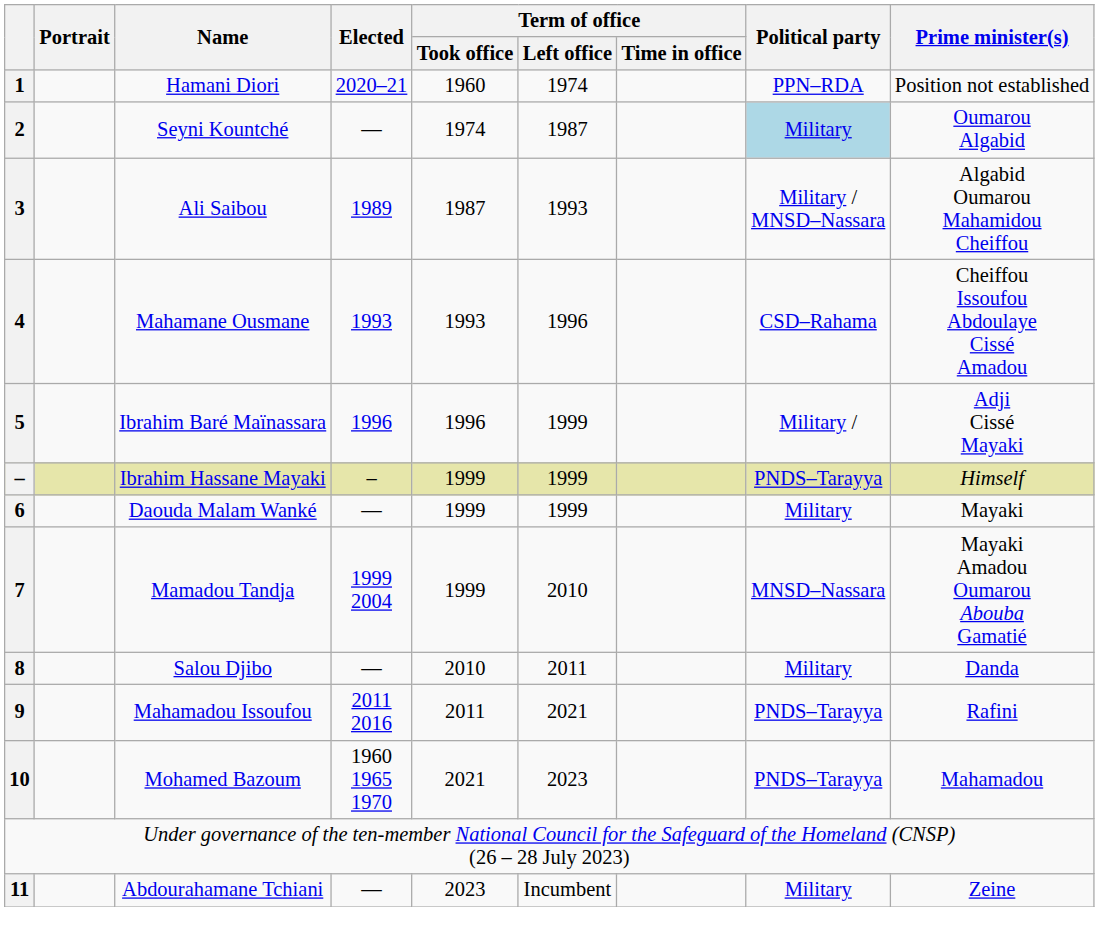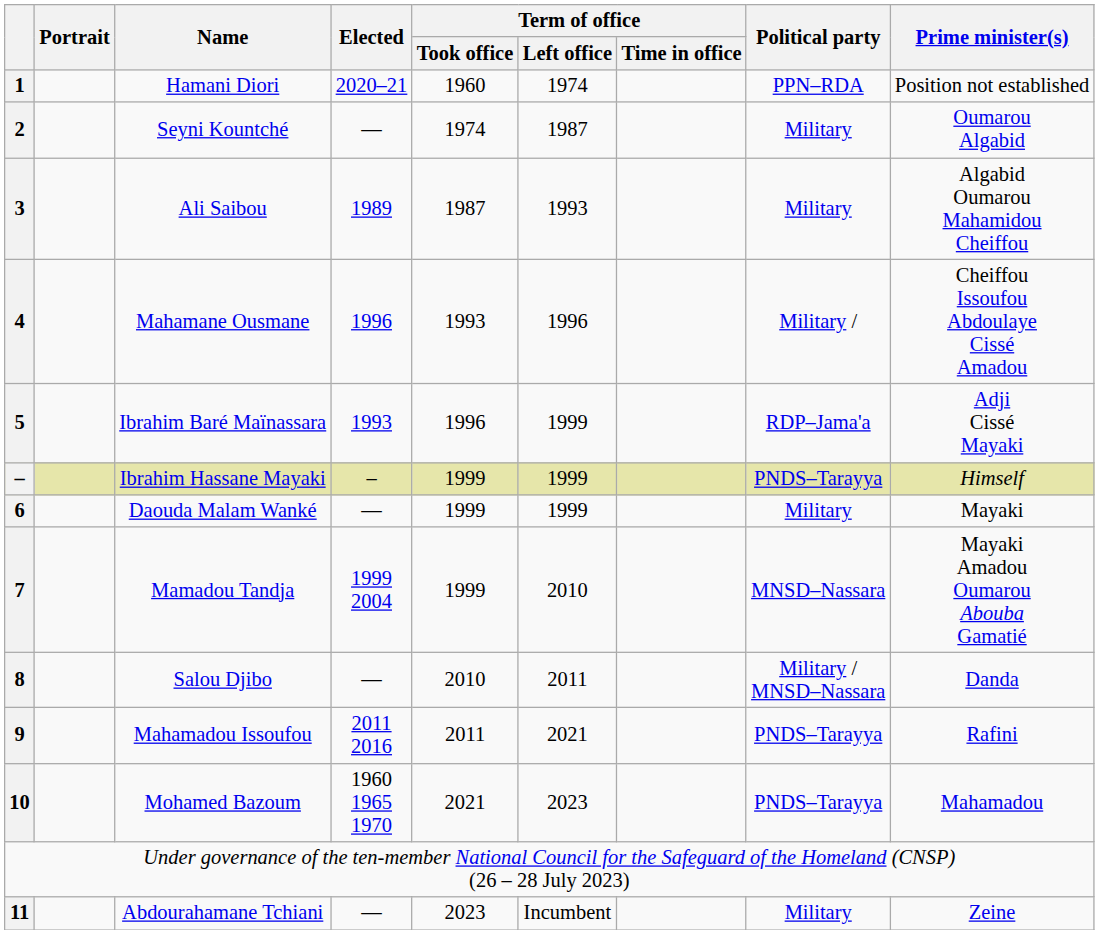 <table class="wikitable" style="text-align:center">
 <tr>
 <th rowspan="2"></th>
 <th rowspan="2">Portrait</th>
 <th rowspan="2">Name<br></th>
 <th rowspan="2">Elected</th>
 <th colspan="3">Term of office</th>
 <th rowspan="2">Political party</th>
 <th rowspan="2"><a href='#'>Prime minister(s)</a></th>
 </tr>
 <tr>
 <th>Took office</th>
 <th>Left office</th>
 <th>Time in office</th>
 </tr>
 <tr>
 <th style="background:">1</th>
 <td></td>
 <td><a href='#'>Hamani Diori</a><br></td>
 <td><a href='#'>2020–21</a></td>
 <td> 1960</td>
 <td> 1974<br></td>
 <td></td>
 <td><a href='#'>PPN–RDA</a></td>
 <td>Position not established</td>
 </tr>
 <tr>
 <th style="background:">2</th>
 <td></td>
 <td><a href='#'>Seyni Kountché</a><br></td>
 <td>—</td>
 <td> 1974</td>
 <td> 1987<br></td>
 <td></td>
-<td style="background: lightblue;"><a href='#'>Military</a></td>
+<td><a href='#'>Military</a></td>
 <td><a href='#'>Oumarou</a><br><a href='#'>Algabid</a></td>
 </tr>
 <tr>
 <th style="background:">3</th>
 <td></td>
 <td><a href='#'>Ali Saibou</a><br></td>
 <td><a href='#'>1989</a></td>
 <td> 1987</td>
 <td> 1993</td>
 <td></td>
-<td><a href='#'>Military</a> / <br><a href='#'>MNSD–Nassara</a></td>
+<td><a href='#'>Military</a></td>
 <td>Algabid<br>Oumarou<br><a href='#'>Mahamidou</a><br><a href='#'>Cheiffou</a></td>
 </tr>
 <tr>
 <th style="background:">4</th>
 <td></td>
 <td><a href='#'>Mahamane Ousmane</a><br></td>
-<td><a href='#'>1993</a></td>
+<td><a href='#'>1996</a></td>
 <td> 1993</td>
 <td> 1996<br></td>
 <td></td>
-<td><a href='#'>CSD–Rahama</a></td>
+<td><a href='#'>Military</a> / <br></td>
 <td>Cheiffou<br><a href='#'>Issoufou</a><br><a href='#'>Abdoulaye</a><br><a href='#'>Cissé</a><br><a href='#'>Amadou</a></td>
 </tr>
 <tr>
 <th style="background:">5</th>
 <td></td>
 <td><a href='#'>Ibrahim Baré Maïnassara</a><br></td>
-<td><a href='#'>1996</a></td>
+<td><a href='#'>1993</a></td>
 <td> 1996</td>
 <td> 1999<br></td>
 <td></td>
-<td><a href='#'>Military</a> / <br></td>
+<td><a href='#'>RDP–Jama'a</a></td>
 <td><a href='#'>Adji</a><br>Cissé<br><a href='#'>Mayaki</a></td>
 </tr>
 <tr style="background:#e6e6aa;">
 <th style="background:">–</th>
 <td></td>
 <td><a href='#'>Ibrahim Hassane Mayaki</a><br></td>
 <td>–</td>
 <td> 1999</td>
 <td> 1999</td>
 <td><br></td>
 <td><a href='#'>PNDS–Tarayya</a></td>
 <td><em>Himself</em></td>
 </tr>
 <tr>
 <th style="background:">6</th>
 <td></td>
 <td><a href='#'>Daouda Malam Wanké</a><br></td>
 <td>—</td>
 <td> 1999</td>
 <td> 1999</td>
 <td></td>
 <td><a href='#'>Military</a><br></td>
 <td>Mayaki</td>
 </tr>
 <tr>
 <th style="background:">7</th>
 <td></td>
 <td><a href='#'>Mamadou Tandja</a><br></td>
 <td><a href='#'>1999</a><br><a href='#'>2004</a></td>
 <td> 1999</td>
 <td> 2010<br></td>
 <td></td>
 <td><a href='#'>MNSD–Nassara</a></td>
 <td>Mayaki<br>Amadou<br><a href='#'>Oumarou</a><br><em><a href='#'>Abouba</a></em><br><a href='#'>Gamatié</a></td>
 </tr>
 <tr>
 <th style="background:">8</th>
 <td></td>
 <td><a href='#'>Salou Djibo</a><br></td>
 <td>—</td>
 <td> 2010</td>
 <td> 2011</td>
 <td></td>
-<td><a href='#'>Military</a></td>
+<td><a href='#'>Military</a> / <br><a href='#'>MNSD–Nassara</a></td>
 <td><a href='#'>Danda</a></td>
 </tr>
 <tr>
 <th style="background:">9</th>
 <td></td>
 <td><a href='#'>Mahamadou Issoufou</a><br></td>
 <td><a href='#'>2011</a><br><a href='#'>2016</a></td>
 <td> 2011</td>
 <td> 2021</td>
 <td></td>
 <td><a href='#'>PNDS–Tarayya</a></td>
 <td><a href='#'>Rafini</a></td>
 </tr>
 <tr>
 <th style="background:">10</th>
 <td></td>
 <td><a href='#'>Mohamed Bazoum</a><br></td>
 <td>1960<br><a href='#'>1965</a><br><a href='#'>1970</a></td>
 <td> 2021</td>
 <td> 2023<br></td>
 <td></td>
 <td><a href='#'>PNDS–Tarayya</a></td>
 <td><a href='#'>Mahamadou</a></td>
 </tr>
 <tr>
 <td colspan="10"><em>Under governance of the ten-member <a href='#'>National Council for the Safeguard of the Homeland</a> (CNSP)</em><br>(26 – 28 July 2023)</td>
 </tr>
 <tr>
 <th style="background:">11</th>
 <td></td>
 <td><a href='#'>Abdourahamane Tchiani</a><br></td>
 <td>—</td>
 <td> 2023<br></td>
 <td>Incumbent</td>
 <td></td>
 <td><a href='#'>Military</a></td>
 <td><a href='#'>Zeine</a></td>
 </tr>
 </table>
